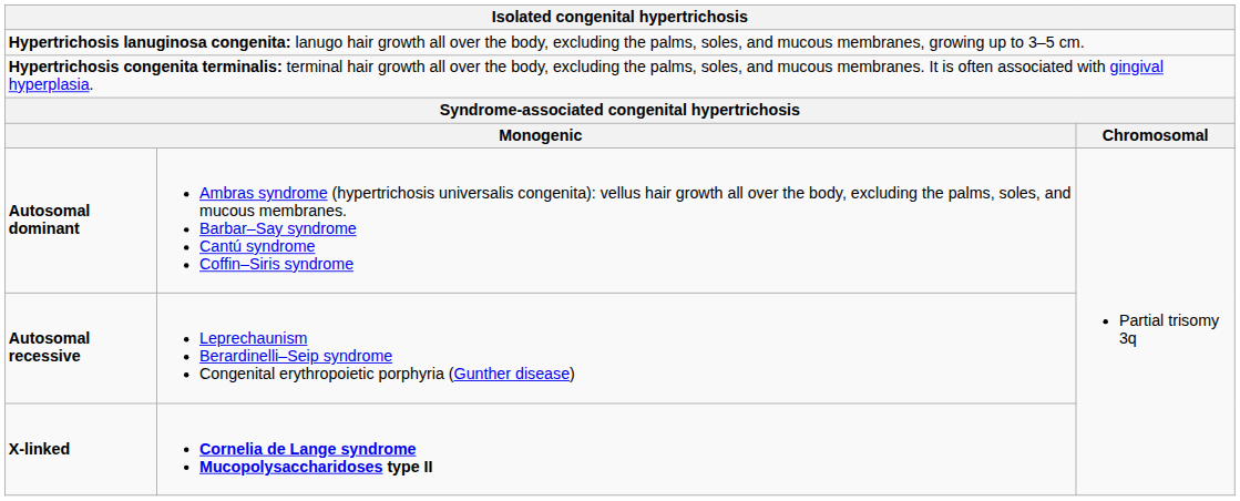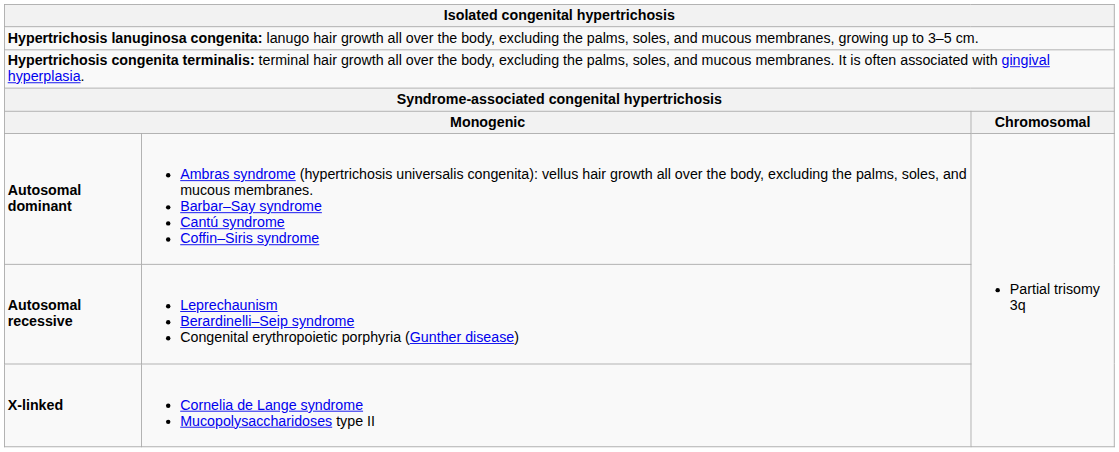 <table class="wikitable">
 <tr>
 <th colspan="3">Isolated congenital hypertrichosis</th>
 </tr>
 <tr>
 <td colspan="3"><strong>Hypertrichosis lanuginosa congenita:</strong> lanugo hair growth all over the body, excluding the palms, soles, and mucous membranes, growing up to 3–5 cm.</td>
 </tr>
 <tr>
 <td colspan="3"><strong>Hypertrichosis congenita terminalis:</strong> terminal hair growth all over the body, excluding the palms, soles, and mucous membranes. It is often associated with <a href='#'>gingival hyperplasia</a>.</td>
 </tr>
 <tr>
 <th colspan="3">Syndrome-associated congenital hypertrichosis</th>
 </tr>
 <tr>
 <th colspan="2">Monogenic</th>
 <th>Chromosomal</th>
 </tr>
 <tr>
 <td><strong>Autosomal dominant</strong></td>
 <td><br><ul><li><a href='#'>Ambras syndrome</a> (hypertrichosis universalis congenita): vellus hair growth all over the body, excluding the palms, soles, and mucous membranes.</li><li><a href='#'>Barbar–Say syndrome</a></li><li><a href='#'>Cantú syndrome</a></li><li><a href='#'>Coffin–Siris syndrome</a></li></ul></td>
 <td rowspan="3"><br><ul><li>Partial trisomy 3q</li></ul></td>
 </tr>
 <tr>
 <td><strong>Autosomal recessive</strong></td>
 <td><br><ul><li><a href='#'>Leprechaunism</a></li><li><a href='#'>Berardinelli–Seip syndrome</a></li><li>Congenital erythropoietic porphyria (<a href='#'>Gunther disease</a>)</li></ul></td>
 </tr>
 <tr>
 <td><strong>X-linked</strong></td>
-<td><strong><br><ul><li><a href='#'>Cornelia de Lange syndrome</a></li><li><a href='#'>Mucopolysaccharidoses</a> type II</li></ul></strong></td>
+<td><br><ul><li><a href='#'>Cornelia de Lange syndrome</a></li><li><a href='#'>Mucopolysaccharidoses</a> type II</li></ul></td>
 </tr>
 </table>
